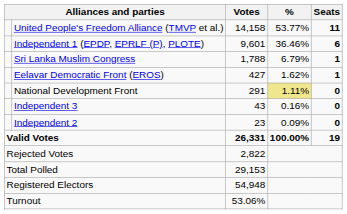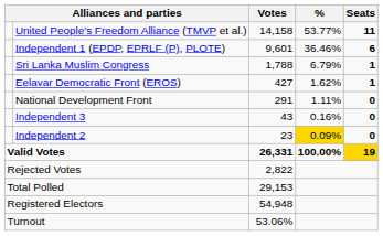 <table class="wikitable" border="1" style="text-align:right;">
 <tr>
 <th valign=bottom align=left colspan=2>Alliances and parties</th>
 <th valign=bottom align=center width="60">Votes</th>
 <th valign=bottom align=center width="50">%</th>
 <th valign=bottom align=center>Seats</th>
 </tr>
 <tr>
 <td bgcolor=> </td>
 <td align=left><a href='#'>United People's Freedom Alliance</a> (<a href='#'>TMVP</a> et al.)</td>
 <td>14,158</td>
 <td>53.77%</td>
 <td><strong>11</strong></td>
 </tr>
 <tr>
 <td></td>
 <td align=left><a href='#'>Independent 1</a> (<a href='#'>EPDP</a>, <a href='#'>EPRLF (P)</a>, <a href='#'>PLOTE</a>)</td>
 <td>9,601</td>
 <td>36.46%</td>
 <td><strong>6</strong></td>
 </tr>
 <tr>
 <td bgcolor=> </td>
 <td align=left><a href='#'>Sri Lanka Muslim Congress</a></td>
 <td>1,788</td>
 <td>6.79%</td>
 <td><strong>1</strong></td>
 </tr>
 <tr>
 <td bgcolor=> </td>
 <td align=left><a href='#'>Eelavar Democratic Front</a> (<a href='#'>EROS</a>)</td>
 <td>427</td>
 <td>1.62%</td>
 <td><strong>1</strong></td>
 </tr>
 <tr>
 <td></td>
 <td align=left>National Development Front</td>
 <td>291</td>
-<td style="background: khaki;">1.11%</td>
+<td>1.11%</td>
 <td><strong>0</strong></td>
 </tr>
 <tr>
 <td></td>
 <td align=left><a href='#'>Independent 3</a></td>
 <td>43</td>
 <td>0.16%</td>
 <td><strong>0</strong></td>
 </tr>
 <tr>
 <td></td>
 <td align=left><a href='#'>Independent 2</a></td>
 <td>23</td>
-<td>0.09%</td>
+<td style="background: gold;">0.09%</td>
 <td><strong>0</strong></td>
 </tr>
 <tr>
 <td colspan=2 align=left><strong>Valid Votes</strong></td>
 <td><strong>26,331</strong></td>
 <td><strong>100.00%</strong></td>
-<td><strong>19</strong></td>
+<td style="background: gold;"><strong>19</strong></td>
 </tr>
 <tr>
 <td colspan=2 align=left>Rejected Votes</td>
 <td>2,822</td>
 <td colspan=2></td>
 </tr>
 <tr>
 <td colspan=2 align=left>Total Polled</td>
 <td>29,153</td>
 <td colspan=2></td>
 </tr>
 <tr>
 <td colspan=2 align=left>Registered Electors</td>
 <td>54,948</td>
 <td colspan=2></td>
 </tr>
 <tr>
 <td colspan=2 align=left>Turnout</td>
 <td>53.06%</td>
 <td colspan=2></td>
 </tr>
 </table>
